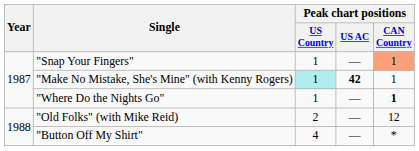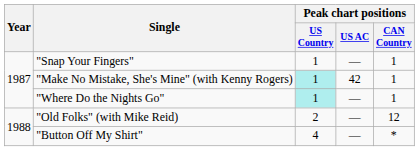 <table class="wikitable" style="text-align:center;">
 <tr>
 <th rowspan="2">Year</th>
 <th rowspan="2">Single</th>
 <th colspan="3">Peak chart positions</th>
 </tr>
 <tr style="font-size:smaller;">
 <th width="45"><a href='#'>US Country</a></th>
 <th width="45"><a href='#'>US AC</a></th>
 <th width="45"><a href='#'>CAN Country</a></th>
 </tr>
 <tr>
 <td rowspan="3">1987</td>
 <td align="left">"Snap Your Fingers"</td>
 <td>1</td>
 <td>—</td>
-<td style="background: lightsalmon;">1</td>
+<td>1</td>
 </tr>
 <tr>
 <td align="left">"Make No Mistake, She's Mine" (with Kenny Rogers)</td>
 <td style="background: paleturquoise;">1</td>
-<td><strong>42</strong></td>
+<td>42</td>
 <td>1</td>
 </tr>
 <tr>
 <td align="left">"Where Do the Nights Go"</td>
+<td style="background: paleturquoise;">1</td>
+<td>—</td>
 <td>1</td>
-<td>—</td>
-<td><strong>1</strong></td>
 </tr>
 <tr>
 <td rowspan="2">1988</td>
 <td align="left">"Old Folks" (with Mike Reid)</td>
 <td>2</td>
 <td>—</td>
 <td>12</td>
 </tr>
 <tr>
 <td align="left">"Button Off My Shirt"</td>
 <td>4</td>
 <td>—</td>
 <td>*</td>
 </tr>
 </table>
